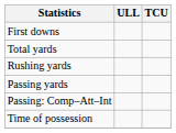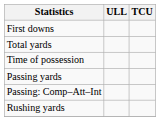 <table class="wikitable" style="float: left;">
 <tr>
 <th>Statistics</th>
 <th>ULL</th>
 <th>TCU</th>
 </tr>
 <tr>
 <td>First downs</td>
 <td></td>
 <td></td>
 </tr>
 <tr>
 <td>Total yards</td>
 <td></td>
 <td></td>
 </tr>
 <tr>
-<td>Rushing yards</td>
+<td>Time of possession</td>
 <td></td>
 <td></td>
 </tr>
 <tr>
 <td>Passing yards</td>
 <td></td>
 <td></td>
 </tr>
 <tr>
 <td>Passing: Comp–Att–Int</td>
 <td></td>
 <td></td>
 </tr>
 <tr>
-<td>Time of possession</td>
+<td>Rushing yards</td>
 <td></td>
 <td></td>
 </tr>
 <tr>
 </tr>
 </table>
